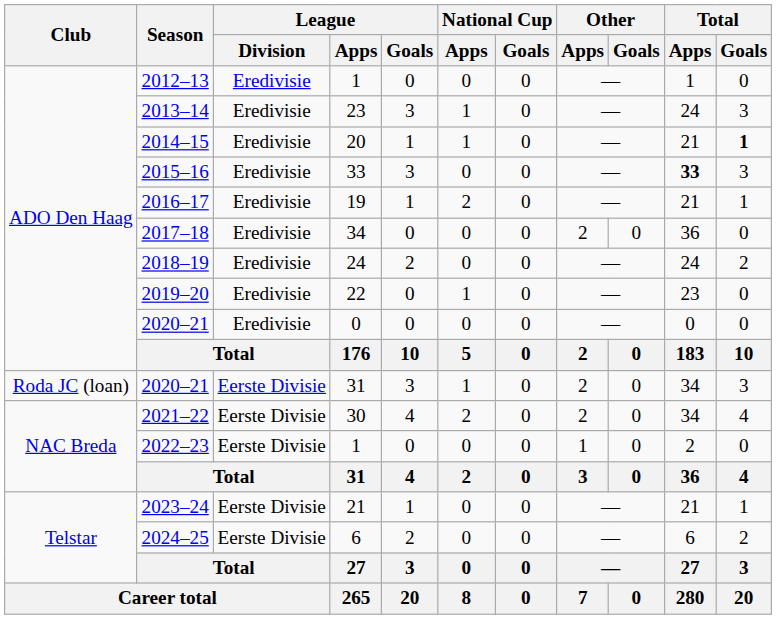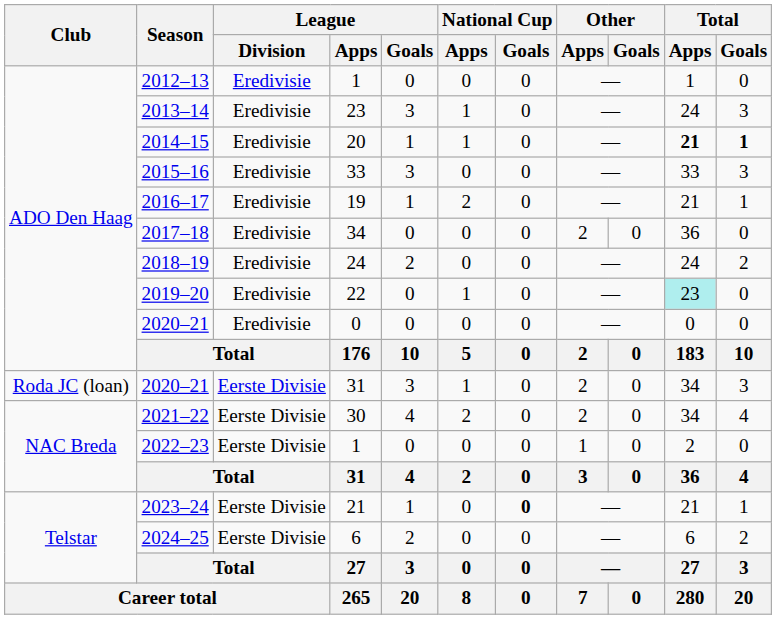 <table class="wikitable" style="text-align:center">
 <tr>
 <th rowspan="2">Club</th>
 <th rowspan="2">Season</th>
 <th colspan="3">League</th>
 <th colspan="2">National Cup</th>
 <th colspan="2">Other</th>
 <th colspan="2">Total</th>
 </tr>
 <tr>
 <th>Division</th>
 <th>Apps</th>
 <th>Goals</th>
 <th>Apps</th>
 <th>Goals</th>
 <th>Apps</th>
 <th>Goals</th>
 <th>Apps</th>
 <th>Goals</th>
 </tr>
 <tr>
 <td rowspan="10"><a href='#'>ADO Den Haag</a></td>
 <td><a href='#'>2012–13</a></td>
 <td><a href='#'>Eredivisie</a></td>
 <td>1</td>
 <td>0</td>
 <td>0</td>
 <td>0</td>
 <td colspan="2">—</td>
 <td>1</td>
 <td>0</td>
 </tr>
 <tr>
 <td><a href='#'>2013–14</a></td>
 <td>Eredivisie</td>
 <td>23</td>
 <td>3</td>
 <td>1</td>
 <td>0</td>
 <td colspan="2">—</td>
 <td>24</td>
 <td>3</td>
 </tr>
 <tr>
 <td><a href='#'>2014–15</a></td>
 <td>Eredivisie</td>
 <td>20</td>
 <td>1</td>
 <td>1</td>
 <td>0</td>
 <td colspan="2">—</td>
-<td>21</td>
+<td><strong>21</strong></td>
 <td><strong>1</strong></td>
 </tr>
 <tr>
 <td><a href='#'>2015–16</a></td>
 <td>Eredivisie</td>
 <td>33</td>
 <td>3</td>
 <td>0</td>
 <td>0</td>
 <td colspan="2">—</td>
-<td><strong>33</strong></td>
+<td>33</td>
 <td>3</td>
 </tr>
 <tr>
 <td><a href='#'>2016–17</a></td>
 <td>Eredivisie</td>
 <td>19</td>
 <td>1</td>
 <td>2</td>
 <td>0</td>
 <td colspan="2">—</td>
 <td>21</td>
 <td>1</td>
 </tr>
 <tr>
 <td><a href='#'>2017–18</a></td>
 <td>Eredivisie</td>
 <td>34</td>
 <td>0</td>
 <td>0</td>
 <td>0</td>
 <td>2</td>
 <td>0</td>
 <td>36</td>
 <td>0</td>
 </tr>
 <tr>
 <td><a href='#'>2018–19</a></td>
 <td>Eredivisie</td>
 <td>24</td>
 <td>2</td>
 <td>0</td>
 <td>0</td>
 <td colspan="2">—</td>
 <td>24</td>
 <td>2</td>
 </tr>
 <tr>
 <td><a href='#'>2019–20</a></td>
 <td>Eredivisie</td>
 <td>22</td>
 <td>0</td>
 <td>1</td>
 <td>0</td>
 <td colspan="2">—</td>
-<td>23</td>
+<td style="background: paleturquoise;">23</td>
 <td>0</td>
 </tr>
 <tr>
 <td><a href='#'>2020–21</a></td>
 <td>Eredivisie</td>
 <td>0</td>
 <td>0</td>
 <td>0</td>
 <td>0</td>
 <td colspan="2">—</td>
 <td>0</td>
 <td>0</td>
 </tr>
 <tr>
 <th colspan="2">Total</th>
 <th>176</th>
 <th>10</th>
 <th>5</th>
 <th>0</th>
 <th>2</th>
 <th>0</th>
 <th>183</th>
 <th>10</th>
 </tr>
 <tr>
 <td><a href='#'>Roda JC</a> (loan)</td>
 <td><a href='#'>2020–21</a></td>
 <td><a href='#'>Eerste Divisie</a></td>
 <td>31</td>
 <td>3</td>
 <td>1</td>
 <td>0</td>
 <td>2</td>
 <td>0</td>
 <td>34</td>
 <td>3</td>
 </tr>
 <tr>
 <td rowspan="3"><a href='#'>NAC Breda</a></td>
 <td><a href='#'>2021–22</a></td>
 <td>Eerste Divisie</td>
 <td>30</td>
 <td>4</td>
 <td>2</td>
 <td>0</td>
 <td>2</td>
 <td>0</td>
 <td>34</td>
 <td>4</td>
 </tr>
 <tr>
 <td><a href='#'>2022–23</a></td>
 <td>Eerste Divisie</td>
 <td>1</td>
 <td>0</td>
 <td>0</td>
 <td>0</td>
 <td>1</td>
 <td>0</td>
 <td>2</td>
 <td>0</td>
 </tr>
 <tr>
 <th colspan="2">Total</th>
 <th>31</th>
 <th>4</th>
 <th>2</th>
 <th>0</th>
 <th>3</th>
 <th>0</th>
 <th>36</th>
 <th>4</th>
 </tr>
 <tr>
 <td rowspan="3"><a href='#'>Telstar</a></td>
 <td><a href='#'>2023–24</a></td>
 <td>Eerste Divisie</td>
 <td>21</td>
 <td>1</td>
 <td>0</td>
-<td>0</td>
+<td><strong>0</strong></td>
 <td colspan="2">—</td>
 <td>21</td>
 <td>1</td>
 </tr>
 <tr>
 <td><a href='#'>2024–25</a></td>
 <td>Eerste Divisie</td>
 <td>6</td>
 <td>2</td>
 <td>0</td>
 <td>0</td>
 <td colspan="2">—</td>
 <td>6</td>
 <td>2</td>
 </tr>
 <tr>
 <th colspan="2">Total</th>
 <th>27</th>
 <th>3</th>
 <th>0</th>
 <th>0</th>
 <th colspan="2">—</th>
 <th>27</th>
 <th>3</th>
 </tr>
 <tr>
 <th colspan="3">Career total</th>
 <th>265</th>
 <th>20</th>
 <th>8</th>
 <th>0</th>
 <th>7</th>
 <th>0</th>
 <th>280</th>
 <th>20</th>
 </tr>
 </table>
